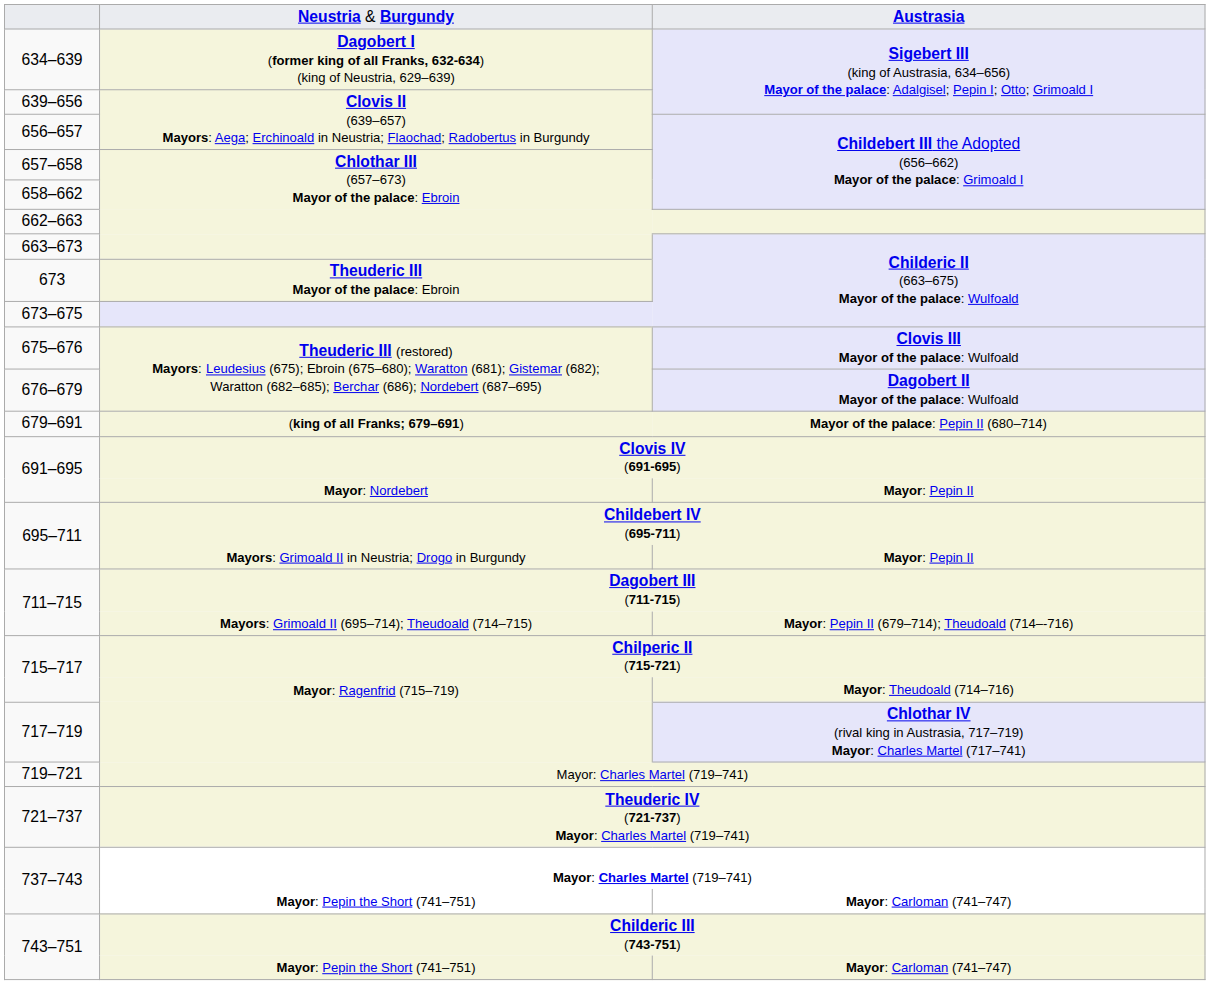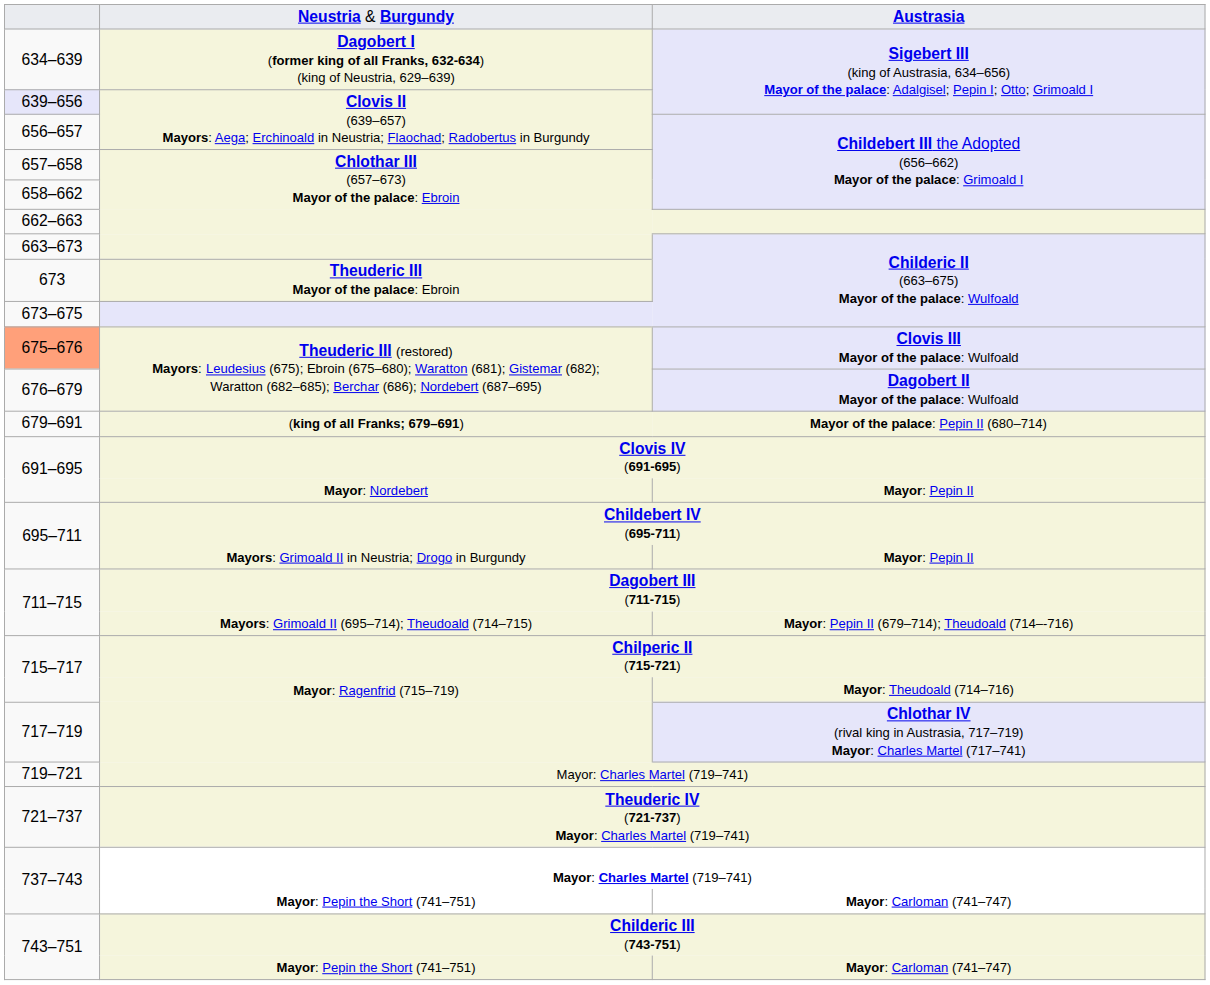 <table class="wikitable" width="97%" style="text-align:center;">
 <tr valign="bottom" align="center" bgcolor="#EAECF0">
 <td width="80px"></td>
 <td width="500px"><strong><a href='#'>Neustria</a></strong> & <strong><a href='#'>Burgundy</a></strong></td>
 <td width="500px"><strong><a href='#'>Austrasia</a></strong></td>
 </tr>
 <tr align="center">
 <td>634–639</td>
 <td bgcolor="#f5f5dc"><strong><a href='#'>Dagobert I</a></strong><br><small>(<strong>former king of all Franks, 632-634</strong>)<br> (king of Neustria, 629–639)</small></td>
 <td rowspan="2" bgcolor="#e6e6fa"><strong><a href='#'>Sigebert III</a></strong> <br><small>(king of Austrasia, 634–656)</small><br><small><strong><a href='#'>Mayor of the palace</a></strong>: <a href='#'>Adalgisel</a>; <a href='#'>Pepin I</a>; <a href='#'>Otto</a>; <a href='#'>Grimoald I</a></small></td>
 </tr>
 <tr align="center">
-<td>639–656</td>
+<td style="background: lavender;">639–656</td>
 <td rowspan="2" bgcolor="#f5f5dc"><strong><a href='#'>Clovis II</a></strong><br><small>(639–657)</small><br><small><strong>Mayors</strong>: <a href='#'>Aega</a>; <a href='#'>Erchinoald</a> in Neustria; <a href='#'>Flaochad</a>; <a href='#'>Radobertus</a> in Burgundy</small></td>
 </tr>
 <tr align="center">
 <td>656–657</td>
 <td rowspan="3" bgcolor="#e6e6fa"><a href='#'><strong>Childebert III</strong> the Adopted</a> <br><small>(656–662)</small><br><small><strong>Mayor of the palace</strong>: <a href='#'>Grimoald I</a></small></td>
 </tr>
 <tr align="center">
 <td>657–658</td>
 <td rowspan="2" style="border-bottom-style:none;" bgcolor="#f5f5dc"><strong><a href='#'>Chlothar III</a></strong><br><small>(657–673)<br><strong>Mayor of the palace</strong>: <a href='#'>Ebroin</a></small></td>
 </tr>
 <tr align="center">
 <td>658–662</td>
 </tr>
 <tr align="center">
 <td>662–663</td>
 <td style=" border-top-style:none; border-right-style: none; dotted #C0C0C0; border-bottom-style:none;" bgcolor="#f5f5dc"></td>
 <td style="border-left-style: none;" bgcolor="#f5f5dc"></td>
 </tr>
 <tr align="center">
 <td>663–673</td>
 <td style="border-left-style: none; border-bottom-style:none; border-top-style:none;" bgcolor="#f5f5dc"></td>
 <td rowspan="3" style="border-left-style:none;" bgcolor="#e6e6fa"><strong><a href='#'>Childeric II</a></strong> <br><small>(663–675)</small><br><strong><small>Mayor of the palace</small></strong><small>: <a href='#'>Wulfoald</a></small></td>
 </tr>
 <tr align="center">
 <td>673</td>
 <td bgcolor="#f5f5dc"><strong><a href='#'>Theuderic III</a></strong><br><strong><small>Mayor of the palace</small></strong><small>: Ebroin</small></td>
 </tr>
 <tr align="center">
 <td>673–675</td>
 <td style="border-right-style: none;" bgcolor="#e6e6fa"></td>
 </tr>
 <tr align="center">
-<td>675–676</td>
+<td style="background: lightsalmon;">675–676</td>
 <td rowspan="2" bgcolor="#f5f5dc"><strong><a href='#'>Theuderic III</a></strong> <small>(restored)</small><br><strong><small>Mayors</small></strong><small>:</small> <small><a href='#'>Leudesius</a> (675); Ebroin (675–680); <a href='#'>Waratton</a> (681); <a href='#'>Gistemar</a> (682);<br>Waratton (682–685); <a href='#'>Berchar</a> (686); <a href='#'>Nordebert</a> (687–695)</small></td>
 <td bgcolor="#e6e6fa"><strong><a href='#'>Clovis III</a></strong> <br><small><strong>Mayor of the palace</strong>: Wulfoald</small></td>
 </tr>
 <tr align="center">
 <td>676–679</td>
 <td bgcolor="#e6e6fa"><strong><a href='#'>Dagobert II</a></strong> <br><small><strong>Mayor of the palace</strong>: Wulfoald</small></td>
 </tr>
 <tr align="center">
 <td>679–691</td>
 <td style="border-top-style:none; border-right-style: none;" bgcolor="#f5f5dc" valign="top"><small>(<strong>king of all Franks; 679–691</strong>)</small></td>
 <td style="border-left-style: none;" bgcolor="#f5f5dc"><strong><small>Mayor of the palace</small></strong><small>: <a href='#'>Pepin II</a> (680–714)</small></td>
 </tr>
 <tr align="center">
 <td rowspan="2">691–695</td>
 <td colspan="2" style="border-right-style: none; border-bottom-style: none;" bgcolor="#f5f5dc"><strong><a href='#'>Clovis IV</a></strong><br><small>(<strong>691-695</strong>)</small></td>
 </tr>
 <tr align="center">
 <td style="dotted #C0C0C0; border-top-style:none;" bgcolor="#f5f5dc"><small><strong>Mayor</strong>: <a href='#'>Nordebert</a></small></td>
 <td style="dotted #C0C0C0; border-top-style:none;" bgcolor="#f5f5dc"><strong><small>Mayor</small></strong><small>: <a href='#'>Pepin II</a></small></td>
 </tr>
 <tr align="center">
 <td rowspan="2">695–711</td>
 <td colspan="2" style="border-right-style: none; border-bottom-style:none;" bgcolor="#f5f5dc"><strong><a href='#'>Childebert IV</a></strong><br><small>(<strong>695-711</strong>)</small></td>
 </tr>
 <tr align="center">
 <td style="border-top-style:none;" bgcolor="#f5f5dc"><small><strong>Mayors</strong>: <a href='#'>Grimoald II</a> in Neustria; <a href='#'>Drogo</a> in Burgundy</small></td>
 <td style="border-top-style:none;" bgcolor="#f5f5dc"><strong><small>Mayor</small></strong><small>: <a href='#'>Pepin II</a></small></td>
 </tr>
 <tr align="center">
 <td rowspan="2">711–715</td>
 <td colspan="2" bgcolor="#f5f5dc" style=" border-right-style: none; border-bottom-style:none;"><strong><a href='#'>Dagobert III</a></strong><br><small> (<strong>711-715</strong>)</small></td>
 </tr>
 <tr align="center">
 <td bgcolor="#f5f5dc" style="border-top-style: none;"><strong><small>Mayors</small></strong><small>: <a href='#'>Grimoald II</a> (695–714); <a href='#'>Theudoald</a> (714–715)</small></td>
 <td bgcolor="#f5f5dc" style="border-top-style: none;"><strong><small>Mayor</small></strong><small>: <a href='#'>Pepin II</a> (679–714); <a href='#'>Theudoald</a> (714–-716)</small></td>
 </tr>
 <tr align="center">
 <td rowspan="2">715–717</td>
 <td colspan="2" bgcolor="#f5f5dc" style="border-bottom-style:none;" valign="top"><strong><a href='#'>Chilperic II</a></strong> <br><small>(<strong>715-721</strong>)</small></td>
 </tr>
 <tr align="center">
 <td bgcolor="#f5f5dc" style="border-top-style: none; border-bottom-style: none;"><strong><small>Mayor</small></strong><small>: <a href='#'>Ragenfrid</a>  (715–719)</small></td>
 <td bgcolor="#f5f5dc" style="border-top-style: none;"><strong><small>Mayor</small></strong><small>: <a href='#'>Theudoald</a> (714–716)</small></td>
 </tr>
 <tr align="center">
 <td>717–719</td>
 <td bgcolor="#f5f5dc" style="border-top-style: none; border-bottom-style: none;"></td>
 <td bgcolor="#e6e6fa"><strong><a href='#'>Chlothar IV</a></strong> <br><small> (rival king in Austrasia, 717–719)</small><br><small><strong>Mayor</strong>: <a href='#'>Charles Martel</a> (717–741)</small></td>
 </tr>
 <tr align="center">
 <td>719–721</td>
 <td colspan="2" bgcolor="#f5f5dc" style="border-top-style:none;"><small>Mayor: <a href='#'>Charles Martel</a> (719–741)</small></td>
 </tr>
 <tr align="center">
 <td>721–737</td>
 <td colspan="2" bgcolor="#f5f5dc" valign="top"><strong><a href='#'>Theuderic IV</a></strong> <br><small> (<strong>721-737</strong>)</small><br><small><strong>Mayor</strong>: <a href='#'>Charles Martel</a> (719–741)</small></td>
 </tr>
 <tr align="center">
 <td rowspan="2">737–743</td>
 <td colspan="2" style="border-bottom-style:none;" bgcolor="#FFFFFF"><strong></strong> <br><strong><small>Mayor</small></strong><small>: <strong><a href='#'>Charles Martel</a></strong> (719–741)</small></td>
 </tr>
 <tr align="center">
 <td style="border-top-style:none;" bgcolor="#FFFFFF"><strong><small>Mayor</small></strong><small>: <a href='#'>Pepin the Short</a> (741–751)</small></td>
 <td style="border-top-style:none;" bgcolor="#FFFFFF"><strong><small>Mayor</small></strong><small>: <a href='#'>Carloman</a> (741–747)</small></td>
 </tr>
 <tr align="center">
 <td rowspan="2">743–751</td>
 <td colspan="2" style="border-bottom-style: none;" bgcolor="#F5F5DC"><strong><a href='#'>Childeric III</a></strong><br><small> (<strong>743-751</strong>)</small></td>
 </tr>
 <tr align="center">
 <td style="border-top-style: none;" bgcolor="#F5F5DC"><strong><small>Mayor</small></strong><small>: <a href='#'>Pepin the Short</a> (741–751)</small></td>
 <td style="border-top-style: none;" bgcolor="#F5F5DC"><strong><small>Mayor</small></strong><small>: <a href='#'>Carloman</a> (741–747)</small></td>
 </tr>
 </table>
